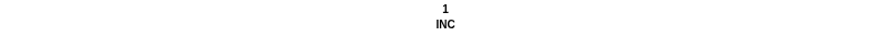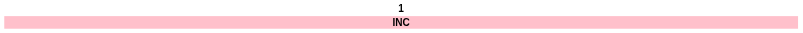 <table style="width:100%; text-align:center;">
 <tr>
 <td style="background:"><strong>1</strong></td>
 </tr>
 <tr>
-<td><span><strong>INC</strong></span></td>
+<td style="background: pink;"><span><strong>INC</strong></span></td>
 </tr>
 </table>
